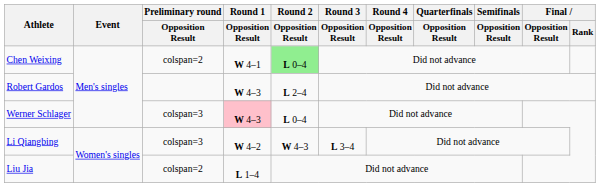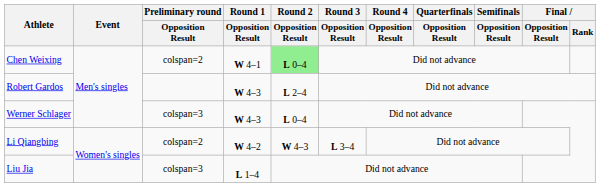 <table class="wikitable" style="font-size:90%">
 <tr>
 <th rowspan="2">Athlete</th>
 <th rowspan="2">Event</th>
 <th>Preliminary round</th>
 <th>Round 1</th>
 <th>Round 2</th>
 <th>Round 3</th>
 <th>Round 4</th>
 <th>Quarterfinals</th>
 <th>Semifinals</th>
 <th colspan=2>Final / </th>
 </tr>
 <tr style="font-size:95%">
 <th>Opposition<br>Result</th>
 <th>Opposition<br>Result</th>
 <th>Opposition<br>Result</th>
 <th>Opposition<br>Result</th>
 <th>Opposition<br>Result</th>
 <th>Opposition<br>Result</th>
 <th>Opposition<br>Result</th>
 <th>Opposition<br>Result</th>
 <th>Rank</th>
 </tr>
 <tr align=center>
 <td align=left><a href='#'>Chen Weixing</a></td>
 <td align=left rowspan=3><a href='#'>Men's singles</a></td>
 <td>colspan=2 </td>
 <td><br><strong>W</strong> 4–1</td>
 <td style="background: lightgreen;"><br><strong>L</strong> 0–4</td>
 <td colspan=5>Did not advance</td>
 </tr>
 <tr align=center>
 <td align=left><a href='#'>Robert Gardos</a></td>
 <td></td>
 <td><br><strong>W</strong> 4–3</td>
 <td><br><strong>L</strong> 2–4</td>
 <td colspan=6>Did not advance</td>
 </tr>
 <tr align=center>
 <td align=left><a href='#'>Werner Schlager</a></td>
 <td>colspan=3 </td>
-<td style="background: pink;"><br><strong>W</strong> 4–3</td>
+<td><br><strong>W</strong> 4–3</td>
 <td><br><strong>L</strong> 0–4</td>
 <td colspan=4>Did not advance</td>
 </tr>
 <tr align=center>
 <td align=left><a href='#'>Li Qiangbing</a></td>
 <td align=left rowspan=2><a href='#'>Women's singles</a></td>
-<td>colspan=3 </td>
+<td>colspan=2 </td>
 <td><br><strong>W</strong> 4–2</td>
 <td><br><strong>W</strong> 4–3</td>
 <td><br><strong>L</strong> 3–4</td>
 <td colspan=4>Did not advance</td>
 </tr>
 <tr align=center>
 <td align=left><a href='#'>Liu Jia</a></td>
-<td>colspan=2 </td>
+<td>colspan=3 </td>
 <td><br><strong>L</strong> 1–4</td>
 <td colspan=5>Did not advance</td>
 </tr>
 </table>
